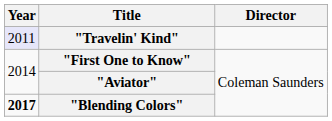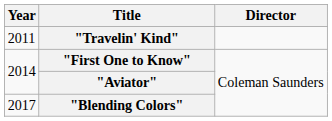 <table class="wikitable plainrowheaders">
 <tr>
 <th>Year</th>
 <th style="width:12em;">Title</th>
 <th>Director</th>
 </tr>
 <tr>
-<td style="background: lavender;">2011</td>
+<td>2011</td>
 <th scope="row">"Travelin' Kind"</th>
 <td></td>
 </tr>
 <tr>
 <td rowspan="2">2014</td>
 <th scope="row">"First One to Know"</th>
 <td rowspan="3">Coleman Saunders</td>
 </tr>
 <tr>
 <th scope="row">"Aviator"</th>
 </tr>
 <tr>
-<td><strong>2017</strong></td>
+<td>2017</td>
 <th scope="row">"Blending Colors"</th>
 </tr>
 </table>
